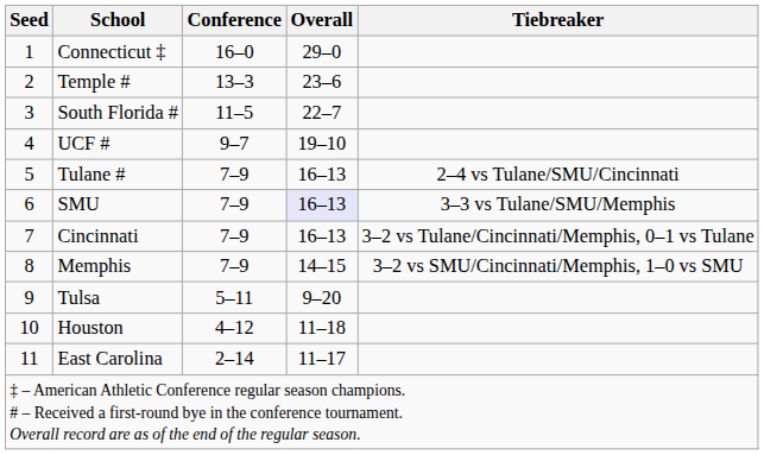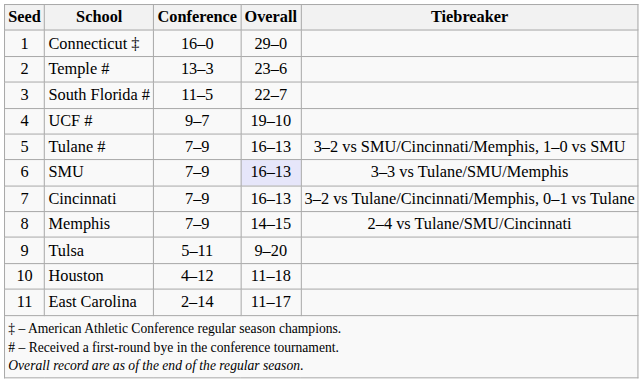 <table class="wikitable" style="text-align:center">
 <tr>
 <th>Seed</th>
 <th>School</th>
 <th>Conference</th>
 <th>Overall</th>
 <th>Tiebreaker</th>
 </tr>
 <tr>
 <td>1</td>
 <td align=left>Connecticut ‡</td>
 <td>16–0</td>
 <td>29–0</td>
 <td></td>
 </tr>
 <tr>
 <td>2</td>
 <td align=left>Temple #</td>
 <td>13–3</td>
 <td>23–6</td>
 <td></td>
 </tr>
 <tr>
 <td>3</td>
 <td align=left>South Florida #</td>
 <td>11–5</td>
 <td>22–7</td>
 <td></td>
 </tr>
 <tr>
 <td>4</td>
 <td align=left>UCF #</td>
 <td>9–7</td>
 <td>19–10</td>
 <td></td>
 </tr>
 <tr>
 <td>5</td>
 <td align=left>Tulane #</td>
 <td>7–9</td>
 <td>16–13</td>
-<td>2–4 vs Tulane/SMU/Cincinnati</td>
+<td>3–2 vs SMU/Cincinnati/Memphis, 1–0 vs SMU</td>
 </tr>
 <tr>
 <td>6</td>
 <td align=left>SMU</td>
 <td>7–9</td>
 <td style="background: lavender;">16–13</td>
 <td>3–3 vs Tulane/SMU/Memphis</td>
 </tr>
 <tr>
 <td>7</td>
 <td align=left>Cincinnati</td>
 <td>7–9</td>
 <td>16–13</td>
 <td>3–2 vs Tulane/Cincinnati/Memphis, 0–1 vs Tulane</td>
 </tr>
 <tr>
 <td>8</td>
 <td align=left>Memphis</td>
 <td>7–9</td>
 <td>14–15</td>
-<td>3–2 vs SMU/Cincinnati/Memphis, 1–0 vs SMU</td>
+<td>2–4 vs Tulane/SMU/Cincinnati</td>
 </tr>
 <tr>
 <td>9</td>
 <td align=left>Tulsa</td>
 <td>5–11</td>
 <td>9–20</td>
 <td></td>
 </tr>
 <tr>
 <td>10</td>
 <td align=left>Houston</td>
 <td>4–12</td>
 <td>11–18</td>
 <td></td>
 </tr>
 <tr>
 <td>11</td>
 <td align=left>East Carolina</td>
 <td>2–14</td>
 <td>11–17</td>
 <td></td>
 </tr>
 <tr>
 <td colspan="6" style="text-align:left;"><small>‡ – American Athletic Conference regular season champions.<br># – Received a first-round bye in the conference tournament. <br><em>Overall record are as of the end of the regular season</em>.</small></td>
 </tr>
 </table>
